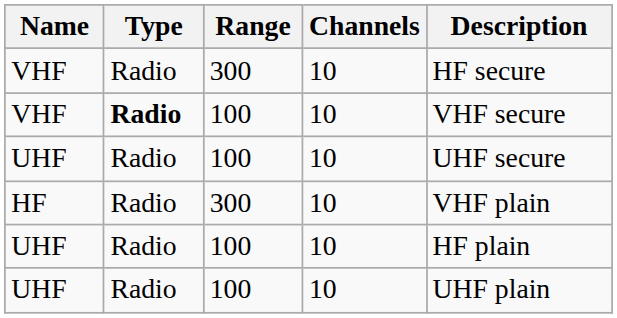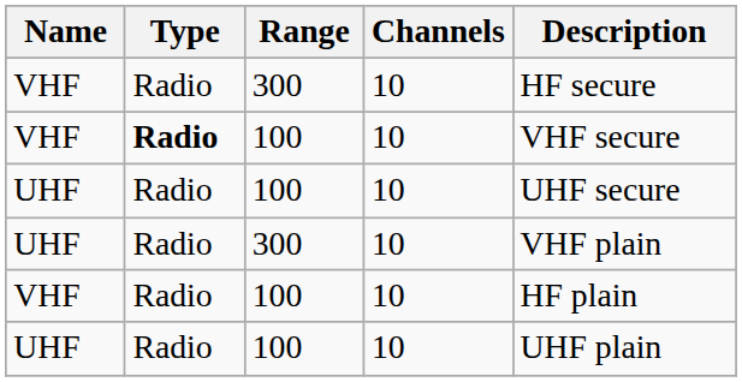 <table class="wikitable">
 <tr>
 <th width="50">Name</th>
 <th width="50">Type</th>
 <th width="50">Range</th>
 <th width="50">Channels</th>
 <th width="100">Description</th>
 </tr>
 <tr>
 <td>VHF</td>
 <td>Radio</td>
 <td>300</td>
 <td>10</td>
 <td>HF secure</td>
 </tr>
 <tr>
 <td>VHF</td>
 <td><strong>Radio</strong></td>
 <td>100</td>
 <td>10</td>
 <td>VHF secure</td>
 </tr>
 <tr>
 <td>UHF</td>
 <td>Radio</td>
 <td>100</td>
 <td>10</td>
 <td>UHF secure</td>
 </tr>
 <tr>
-<td>HF</td>
+<td>UHF</td>
 <td>Radio</td>
 <td>300</td>
 <td>10</td>
 <td>VHF plain</td>
 </tr>
 <tr>
-<td>UHF</td>
+<td>VHF</td>
 <td>Radio</td>
 <td>100</td>
 <td>10</td>
 <td>HF plain</td>
 </tr>
 <tr>
 <td>UHF</td>
 <td>Radio</td>
 <td>100</td>
 <td>10</td>
 <td>UHF plain</td>
 </tr>
 </table>
